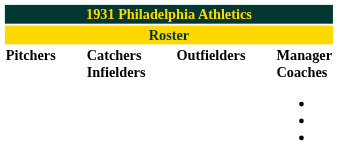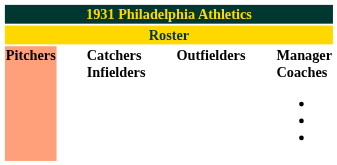 <table class="toccolours" style="font-size: 95%;">
 <tr>
 <th colspan="10" style="background-color: #003831; color: #FFD800; text-align: center;">1931 Philadelphia Athletics</th>
 </tr>
 <tr>
 <td colspan="10" style="background-color: #FFD800; color: #003831; text-align: center;"><strong>Roster</strong></td>
 </tr>
 <tr>
-<td valign="top"><strong>Pitchers</strong><br>          </td>
+<td valign="top" style="background: lightsalmon;"><strong>Pitchers</strong><br>          </td>
 <td width="25px"></td>
 <td valign="top"><strong>Catchers</strong><br>   <strong>Infielders</strong>       </td>
 <td width="25px"></td>
 <td valign="top"><strong>Outfielders</strong><br>     </td>
 <td width="25px"></td>
 <td valign="top"><strong>Manager</strong><br> <strong>Coaches</strong><ul><li></li><li></li><li></li></ul></td>
 </tr>
 </table>
